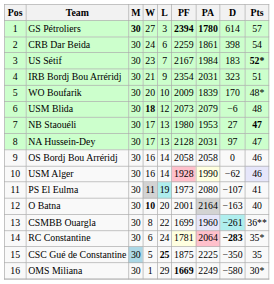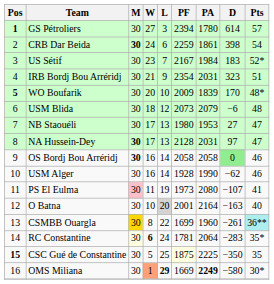 <table class="wikitable" style="text-align:center; font-size:90%">
 <tr>
 <th width=25>Pos</th>
 <th>Team</th>
 <th>M</th>
 <th>W</th>
 <th>L</th>
 <th>PF</th>
 <th>PA</th>
 <th>D</th>
 <th>Pts</th>
 </tr>
 <tr bgcolor=#ccffcc>
-<td>1</td>
+<td><strong>1</strong></td>
 <td align=left>GS Pétroliers</td>
-<td><strong>30</strong></td>
+<td>30</td>
 <td>27</td>
 <td>3</td>
-<td><strong>2394</strong></td>
-<td><strong>1780</strong></td>
+<td>2394</td>
+<td>1780</td>
 <td>614</td>
 <td>57</td>
 </tr>
 <tr bgcolor=#ccffcc>
 <td>2</td>
 <td align=left>CRB Dar Beida</td>
-<td>30</td>
+<td><strong>30</strong></td>
 <td>24</td>
 <td>6</td>
 <td>2259</td>
 <td>1861</td>
 <td>398</td>
 <td>54</td>
 </tr>
 <tr bgcolor=#ccffcc>
 <td>3</td>
 <td align=left>US Sétif</td>
 <td>30</td>
 <td>23</td>
 <td>7</td>
 <td>2167</td>
 <td>1984</td>
 <td>183</td>
-<td><strong>52*</strong></td>
+<td>52*</td>
 </tr>
 <tr bgcolor=#ccffcc>
 <td>4</td>
 <td align=left>IRB Bordj Bou Arréridj</td>
 <td>30</td>
 <td>21</td>
 <td>9</td>
 <td>2354</td>
 <td>2031</td>
 <td>323</td>
 <td>51</td>
 </tr>
 <tr bgcolor=#ccffcc>
-<td>5</td>
+<td><strong>5</strong></td>
 <td align=left>WO Boufarik</td>
 <td>30</td>
 <td>20</td>
 <td>10</td>
 <td>2009</td>
 <td>1839</td>
 <td>170</td>
 <td>48*</td>
 </tr>
 <tr bgcolor=#ccffcc>
 <td>6</td>
 <td align=left>USM Blida</td>
 <td>30</td>
-<td><strong>18</strong></td>
+<td>18</td>
 <td>12</td>
 <td>2073</td>
 <td>2079</td>
 <td>−6</td>
 <td>48</td>
 </tr>
 <tr bgcolor=#ccffcc>
 <td>7</td>
 <td align=left>NB Staouéli</td>
 <td>30</td>
 <td>17</td>
 <td>13</td>
 <td>1980</td>
 <td>1953</td>
 <td>27</td>
-<td><strong>47</strong></td>
+<td>47</td>
 </tr>
 <tr bgcolor=#ccffcc>
 <td>8</td>
 <td align=left>NA Hussein-Dey</td>
-<td>30</td>
+<td><strong>30</strong></td>
 <td>17</td>
 <td>13</td>
 <td>2128</td>
 <td>2031</td>
 <td>97</td>
 <td>47</td>
 </tr>
 <tr>
 <td>9</td>
 <td align=left>OS Bordj Bou Arréridj</td>
-<td>30</td>
+<td><strong>30</strong></td>
 <td>16</td>
 <td>14</td>
 <td>2058</td>
 <td>2058</td>
-<td>0</td>
+<td style="background: lightgreen;">0</td>
 <td>46</td>
 </tr>
 <tr>
 <td>10</td>
 <td align=left>USM Alger</td>
 <td>30</td>
 <td>16</td>
 <td>14</td>
-<td style="background: pink;">1928</td>
-<td style="background: lightyellow;">1990</td>
+<td>1928</td>
+<td>1990</td>
 <td>−62</td>
-<td style="background: lavender;">46</td>
+<td>46</td>
 </tr>
 <tr>
 <td>11</td>
 <td align=left>PS El Eulma</td>
-<td>30</td>
-<td style="background: lightgrey;">11</td>
-<td style="background: paleturquoise;">19</td>
+<td style="background: pink;">30</td>
+<td>11</td>
+<td>19</td>
 <td>1973</td>
 <td>2080</td>
 <td>−107</td>
 <td>41</td>
 </tr>
 <tr>
 <td>12</td>
 <td align=left>O Batna</td>
 <td>30</td>
-<td><strong>10</strong></td>
-<td>20</td>
+<td>10</td>
+<td style="background: lightgrey;">20</td>
 <td>2001</td>
-<td style="background: lightgrey;">2164</td>
+<td>2164</td>
 <td>−163</td>
 <td>40</td>
 </tr>
 <tr>
 <td>13</td>
 <td align=left>CSMBB Ouargla</td>
-<td>30</td>
+<td style="background: gold;">30</td>
 <td>8</td>
 <td>22</td>
 <td>1699</td>
-<td style="background: lavender;">1960</td>
-<td style="background: paleturquoise;">−261</td>
-<td>36**</td>
+<td>1960</td>
+<td>−261</td>
+<td style="background: paleturquoise;">36**</td>
 </tr>
 <tr>
 <td>14</td>
 <td align=left>RC Constantine</td>
-<td>30</td>
-<td>6</td>
+<td style="background: lightyellow;">30</td>
+<td><strong>6</strong></td>
 <td>24</td>
-<td style="background: lightyellow;">1781</td>
-<td style="background: pink;">2064</td>
-<td><strong>−283</strong></td>
+<td>1781</td>
+<td>2064</td>
+<td>−283</td>
 <td>35*</td>
 </tr>
 <tr>
-<td>15</td>
+<td><strong>15</strong></td>
 <td align=left>CSC Gué de Constantine</td>
-<td style="background: lightblue;">30</td>
+<td>30</td>
 <td>5</td>
-<td><strong>25</strong></td>
-<td>1875</td>
+<td>25</td>
+<td style="background: lightyellow;">1875</td>
 <td>2225</td>
 <td>−350</td>
 <td>35</td>
 </tr>
 <tr>
 <td>16</td>
 <td align=left>OMS Miliana</td>
 <td>30</td>
-<td>1</td>
-<td>29</td>
-<td><strong>1669</strong></td>
-<td>2249</td>
+<td style="background: lightsalmon;">1</td>
+<td><strong>29</strong></td>
+<td>1669</td>
+<td><strong>2249</strong></td>
 <td>−580</td>
 <td>30*</td>
 </tr>
 <tr>
 </tr>
 </table>
